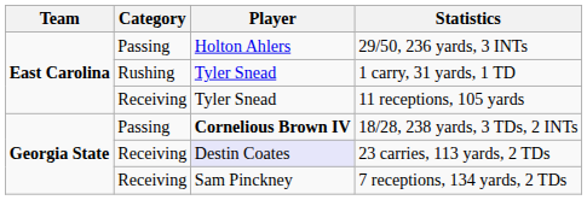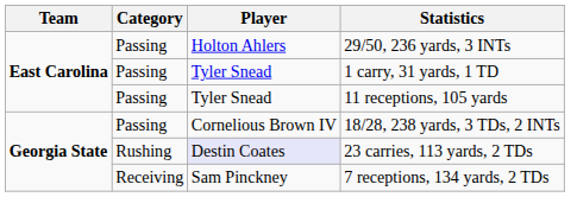 <table class="wikitable" style="float: left;">
 <tr>
 <th>Team</th>
 <th>Category</th>
 <th>Player</th>
 <th>Statistics</th>
 </tr>
 <tr>
 <td rowspan=3><strong>East Carolina</strong></td>
 <td>Passing</td>
 <td><a href='#'>Holton Ahlers</a></td>
 <td>29/50, 236 yards, 3 INTs</td>
 </tr>
 <tr>
-<td>Rushing</td>
+<td>Passing</td>
 <td><a href='#'>Tyler Snead</a></td>
 <td>1 carry, 31 yards, 1 TD</td>
 </tr>
 <tr>
-<td>Receiving</td>
+<td>Passing</td>
 <td>Tyler Snead</td>
 <td>11 receptions, 105 yards</td>
 </tr>
 <tr>
 <td rowspan=3><strong>Georgia State</strong></td>
 <td>Passing</td>
-<td><strong>Cornelious Brown IV</strong></td>
+<td>Cornelious Brown IV</td>
 <td>18/28, 238 yards, 3 TDs, 2 INTs</td>
 </tr>
 <tr>
-<td>Receiving</td>
+<td>Rushing</td>
 <td style="background: lavender;">Destin Coates</td>
 <td>23 carries, 113 yards, 2 TDs</td>
 </tr>
 <tr>
 <td>Receiving</td>
 <td>Sam Pinckney</td>
 <td>7 receptions, 134 yards, 2 TDs</td>
 </tr>
 </table>
